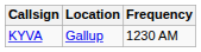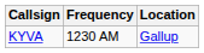 <table class="wikitable">
 <tr>
 <th>Callsign</th>
+<th>Frequency</th>
 <th>Location</th>
-<th>Frequency</th>
 </tr>
 <tr>
 <td><a href='#'>KYVA</a></td>
+<td>1230 AM</td>
 <td><a href='#'>Gallup</a></td>
-<td>1230 AM</td>
 </tr>
 </table>
